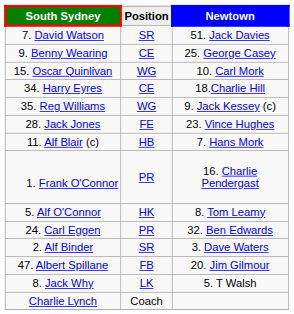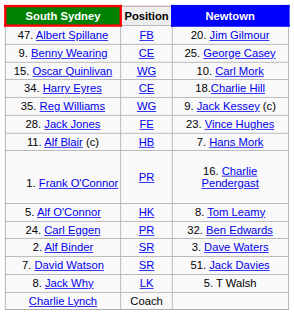 <table align="right" class="wikitable" style="font-size:90%; margin-left:1em">
 <tr bgcolor="#FF0033">
 <th style="width:140px; border:3px solid red; background: green; color: white">South Sydney</th>
 <th style="width:40px; text-align:center; background:#eee; color:black;">Position</th>
 <th style="width:140px; border:3px solid blue; background: blue; color: white">Newtown</th>
 </tr>
 <tr align=center>
-<td>7. <a href='#'>David Watson</a></td>
-<td><a href='#'>SR</a></td>
-<td>51. <a href='#'>Jack Davies</a></td>
+<td>47. <a href='#'>Albert Spillane</a></td>
+<td><a href='#'>FB</a></td>
+<td>20. <a href='#'>Jim Gilmour</a></td>
 </tr>
 <tr align=center>
 <td>9. <a href='#'>Benny Wearing</a></td>
 <td><a href='#'>CE</a></td>
 <td>25. <a href='#'>George Casey</a></td>
 </tr>
 <tr align=center>
 <td>15. <a href='#'>Oscar Quinlivan</a></td>
 <td><a href='#'>WG</a></td>
 <td>10. <a href='#'>Carl Mork</a></td>
 </tr>
 <tr align=center>
 <td>34. <a href='#'>Harry Eyres</a></td>
 <td><a href='#'>CE</a></td>
 <td>18.<a href='#'>Charlie Hill</a></td>
 </tr>
 <tr align=center>
 <td>35. <a href='#'>Reg Williams</a></td>
 <td><a href='#'>WG</a></td>
 <td>9. <a href='#'>Jack Kessey</a> (c)</td>
 </tr>
 <tr align=center>
 <td>28. <a href='#'>Jack Jones</a></td>
 <td><a href='#'>FE</a></td>
 <td>23. <a href='#'>Vince Hughes</a></td>
 </tr>
 <tr align=center>
 <td>11. <a href='#'>Alf Blair</a> (c)</td>
 <td><a href='#'>HB</a></td>
 <td>7. <a href='#'>Hans Mork</a></td>
 </tr>
 <tr align=center>
 <td><br><ol><li><a href='#'>Frank O'Connor</a></li></ol></td>
 <td><a href='#'>PR</a></td>
 <td>16. <a href='#'>Charlie Pendergast</a></td>
 </tr>
 <tr align=center>
 <td>5. <a href='#'>Alf O'Connor</a></td>
 <td><a href='#'>HK</a></td>
 <td>8. <a href='#'>Tom Leamy</a></td>
 </tr>
 <tr align=center>
 <td>24. <a href='#'>Carl Eggen</a></td>
 <td><a href='#'>PR</a></td>
 <td>32. <a href='#'>Ben Edwards</a></td>
 </tr>
 <tr align=center>
 <td>2. <a href='#'>Alf Binder</a></td>
 <td><a href='#'>SR</a></td>
 <td>3. <a href='#'>Dave Waters</a></td>
 </tr>
 <tr align=center>
-<td>47. <a href='#'>Albert Spillane</a></td>
-<td><a href='#'>FB</a></td>
-<td>20. <a href='#'>Jim Gilmour</a></td>
+<td>7. <a href='#'>David Watson</a></td>
+<td><a href='#'>SR</a></td>
+<td>51. <a href='#'>Jack Davies</a></td>
 </tr>
 <tr align=center>
 <td>8. <a href='#'>Jack Why</a></td>
 <td><a href='#'>LK</a></td>
 <td>5. T Walsh</td>
 </tr>
 <tr align=center>
 <td><a href='#'>Charlie Lynch</a></td>
 <td>Coach</td>
 <td></td>
 </tr>
 <tr>
 </tr>
 </table>
